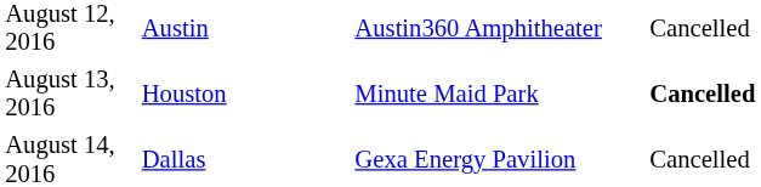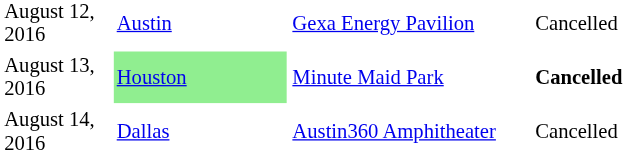 <table cellpadding="2" style="border: 0px solid darkgray;">
 <tr>
 <th width="125"></th>
 <th width="225"></th>
 <th width="300"></th>
 <th width="375"></th>
 </tr>
 <tr border="0">
 <td>August 12, 2016</td>
 <td><a href='#'>Austin</a></td>
-<td><a href='#'>Austin360 Amphitheater</a></td>
+<td><a href='#'>Gexa Energy Pavilion</a></td>
 <td>Cancelled</td>
 </tr>
 <tr>
 <td>August 13, 2016</td>
-<td><a href='#'>Houston</a></td>
+<td style="background: lightgreen;"><a href='#'>Houston</a></td>
 <td><a href='#'>Minute Maid Park</a></td>
 <td><strong>Cancelled</strong></td>
 </tr>
 <tr>
 <td>August 14, 2016</td>
 <td><a href='#'>Dallas</a></td>
-<td><a href='#'>Gexa Energy Pavilion</a></td>
+<td><a href='#'>Austin360 Amphitheater</a></td>
 <td>Cancelled</td>
 </tr>
 </table>
